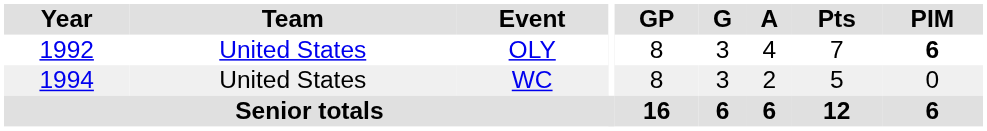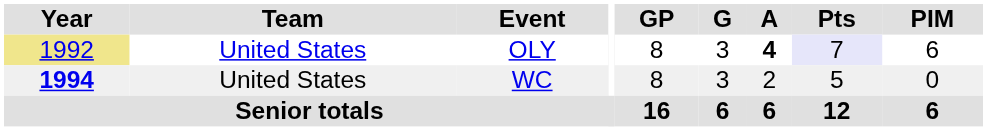 <table border="0" cellpadding="1" cellspacing="0" ID="Table3" style="text-align:center; width:40em">
 <tr bgcolor="#e0e0e0">
 <th>Year</th>
 <th>Team</th>
 <th>Event</th>
 <th rowspan="102" bgcolor="#ffffff"></th>
 <th>GP</th>
 <th>G</th>
 <th>A</th>
 <th>Pts</th>
 <th>PIM</th>
 </tr>
 <tr>
-<td><a href='#'>1992</a></td>
+<td style="background: khaki;"><a href='#'>1992</a></td>
 <td><a href='#'>United States</a></td>
 <td><a href='#'>OLY</a></td>
 <td>8</td>
 <td>3</td>
-<td>4</td>
-<td>7</td>
-<td><strong>6</strong></td>
+<td><strong>4</strong></td>
+<td style="background: lavender;">7</td>
+<td>6</td>
 </tr>
 <tr bgcolor="#f0f0f0">
-<td><a href='#'>1994</a></td>
+<td><strong><a href='#'>1994</a></strong></td>
 <td>United States</td>
 <td><a href='#'>WC</a></td>
 <td>8</td>
 <td>3</td>
 <td>2</td>
 <td>5</td>
 <td>0</td>
 </tr>
 <tr bgcolor="#e0e0e0">
 <th colspan="4">Senior totals</th>
 <th>16</th>
 <th>6</th>
 <th>6</th>
 <th>12</th>
 <th>6</th>
 </tr>
 </table>
